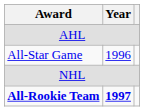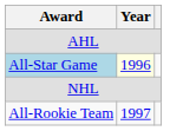 <table class="wikitable">
 <tr>
 <th>Award</th>
 <th>Year</th>
 <th></th>
 </tr>
 <tr ALIGN="center" bgcolor="#e0e0e0">
 <td colspan="3"><a href='#'>AHL</a></td>
 </tr>
 <tr>
-<td><a href='#'>All-Star Game</a></td>
-<td><a href='#'>1996</a></td>
+<td style="background: lightblue;"><a href='#'>All-Star Game</a></td>
+<td style="background: lightyellow;"><a href='#'>1996</a></td>
 <td></td>
 </tr>
 <tr ALIGN="center" bgcolor="#e0e0e0">
 <td colspan="3"><a href='#'>NHL</a></td>
 </tr>
 <tr>
-<td><strong><a href='#'>All-Rookie Team</a></strong></td>
-<td><strong><a href='#'>1997</a></strong></td>
+<td><a href='#'>All-Rookie Team</a></td>
+<td><a href='#'>1997</a></td>
 <td></td>
 </tr>
 </table>
